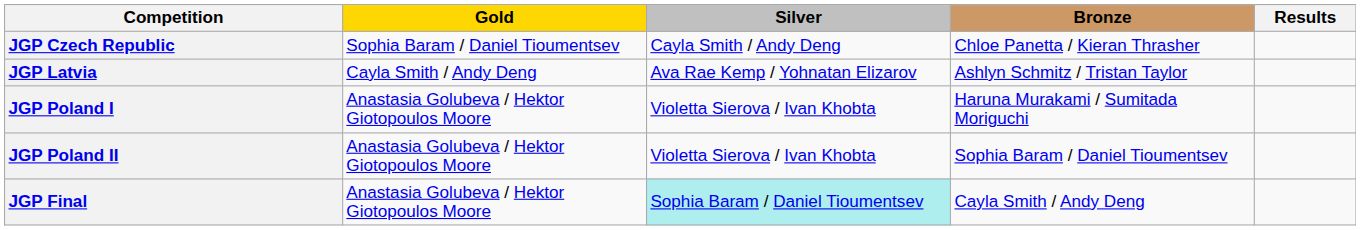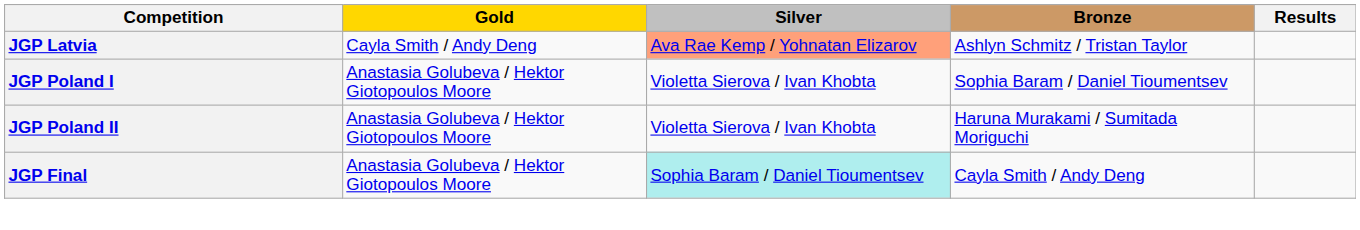 <table class="wikitable unsortable" style="text-align:left; width:100%">
 <tr>
 <th scope="col" style="text-align:center; width:25%;">Competition</th>
 <td scope="col" style="text-align:center; width:22.5%; background:gold"><strong>Gold</strong></td>
 <td scope="col" style="text-align:center; width:22.5%; background:silver"><strong>Silver</strong></td>
 <td scope="col" style="text-align:center; width:22.5%; background:#c96"><strong>Bronze</strong></td>
 <th scope="col" style="text-align:center; width:7.5%;">Results</th>
 </tr>
 <tr>
-<th scope="row" style="text-align:left"> <a href='#'>JGP Czech Republic</a></th>
-<td> <a href='#'>Sophia Baram</a> / <a href='#'>Daniel Tioumentsev</a></td>
-<td> <a href='#'>Cayla Smith</a> / <a href='#'>Andy Deng</a></td>
-<td> <a href='#'>Chloe Panetta</a> / <a href='#'>Kieran Thrasher</a></td>
-<td></td>
-</tr>
-<tr>
 <th scope="row" style="text-align:left"> <a href='#'>JGP Latvia</a></th>
 <td> <a href='#'>Cayla Smith</a> / <a href='#'>Andy Deng</a></td>
-<td> <a href='#'>Ava Rae Kemp</a> / <a href='#'>Yohnatan Elizarov</a></td>
+<td style="background: lightsalmon;"> <a href='#'>Ava Rae Kemp</a> / <a href='#'>Yohnatan Elizarov</a></td>
 <td> <a href='#'>Ashlyn Schmitz</a> / <a href='#'>Tristan Taylor</a></td>
 <td></td>
 </tr>
 <tr>
 <th scope="row" style="text-align:left"> <a href='#'>JGP Poland I</a></th>
 <td> <a href='#'>Anastasia Golubeva</a> / <a href='#'>Hektor Giotopoulos Moore</a></td>
 <td> <a href='#'>Violetta Sierova</a> / <a href='#'>Ivan Khobta</a></td>
-<td> <a href='#'>Haruna Murakami</a> / <a href='#'>Sumitada Moriguchi</a></td>
+<td> <a href='#'>Sophia Baram</a> / <a href='#'>Daniel Tioumentsev</a></td>
 <td></td>
 </tr>
 <tr>
 <th scope="row" style="text-align:left"> <a href='#'>JGP Poland II</a></th>
 <td> <a href='#'>Anastasia Golubeva</a> / <a href='#'>Hektor Giotopoulos Moore</a></td>
 <td> <a href='#'>Violetta Sierova</a> / <a href='#'>Ivan Khobta</a></td>
-<td> <a href='#'>Sophia Baram</a> / <a href='#'>Daniel Tioumentsev</a></td>
+<td> <a href='#'>Haruna Murakami</a> / <a href='#'>Sumitada Moriguchi</a></td>
 <td></td>
 </tr>
 <tr>
 <th scope="row" style="text-align:left"> <a href='#'>JGP Final</a></th>
 <td> <a href='#'>Anastasia Golubeva</a> / <a href='#'>Hektor Giotopoulos Moore</a></td>
 <td style="background: paleturquoise;"> <a href='#'>Sophia Baram</a> / <a href='#'>Daniel Tioumentsev</a></td>
 <td> <a href='#'>Cayla Smith</a> / <a href='#'>Andy Deng</a></td>
 <td></td>
 </tr>
 </table>
